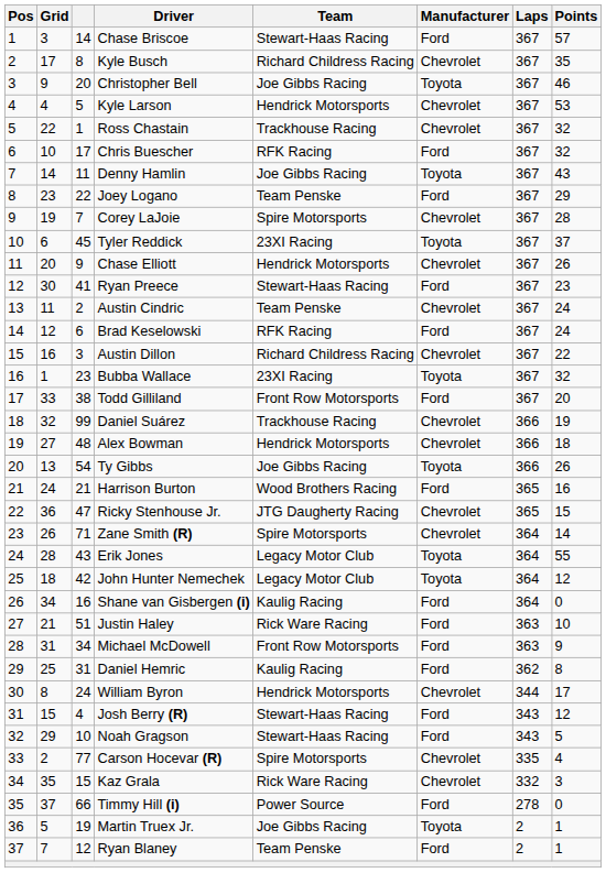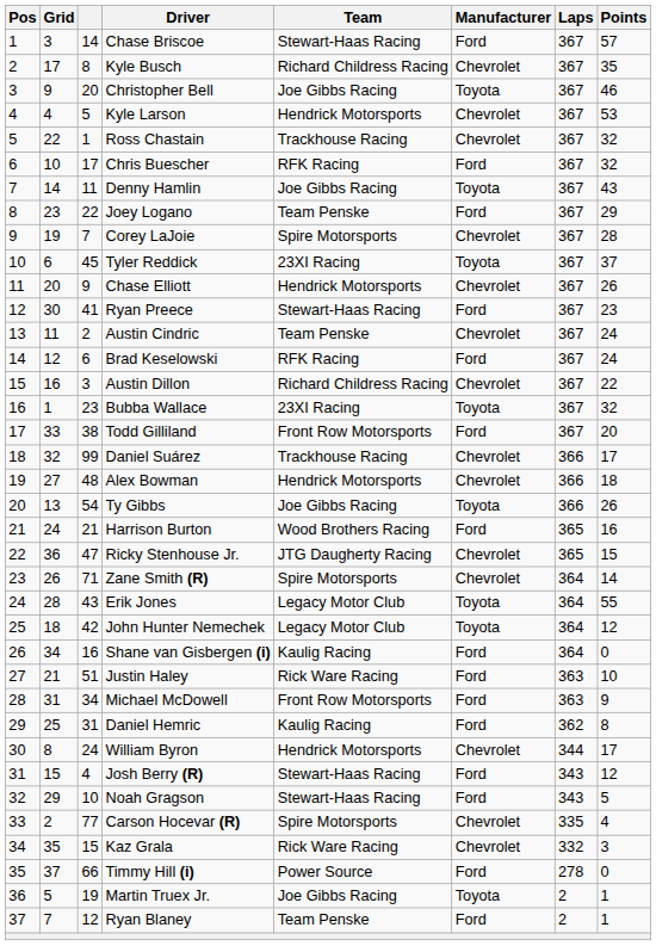 <table class="wikitable" style="font-size:98%">
 <tr>
 <th>Pos</th>
 <th>Grid</th>
 <th></th>
 <th>Driver</th>
 <th>Team</th>
 <th>Manufacturer</th>
 <th>Laps</th>
 <th>Points</th>
 </tr>
 <tr>
 <td>1</td>
 <td>3</td>
 <td>14</td>
 <td>Chase Briscoe</td>
 <td>Stewart-Haas Racing</td>
 <td>Ford</td>
 <td>367</td>
 <td>57</td>
 </tr>
 <tr>
 <td>2</td>
 <td>17</td>
 <td>8</td>
 <td>Kyle Busch</td>
 <td>Richard Childress Racing</td>
 <td>Chevrolet</td>
 <td>367</td>
 <td>35</td>
 </tr>
 <tr>
 <td>3</td>
 <td>9</td>
 <td>20</td>
 <td>Christopher Bell</td>
 <td>Joe Gibbs Racing</td>
 <td>Toyota</td>
 <td>367</td>
 <td>46</td>
 </tr>
 <tr>
 <td>4</td>
 <td>4</td>
 <td>5</td>
 <td>Kyle Larson</td>
 <td>Hendrick Motorsports</td>
 <td>Chevrolet</td>
 <td>367</td>
 <td>53</td>
 </tr>
 <tr>
 <td>5</td>
 <td>22</td>
 <td>1</td>
 <td>Ross Chastain</td>
 <td>Trackhouse Racing</td>
 <td>Chevrolet</td>
 <td>367</td>
 <td>32</td>
 </tr>
 <tr>
 <td>6</td>
 <td>10</td>
 <td>17</td>
 <td>Chris Buescher</td>
 <td>RFK Racing</td>
 <td>Ford</td>
 <td>367</td>
 <td>32</td>
 </tr>
 <tr>
 <td>7</td>
 <td>14</td>
 <td>11</td>
 <td>Denny Hamlin</td>
 <td>Joe Gibbs Racing</td>
 <td>Toyota</td>
 <td>367</td>
 <td>43</td>
 </tr>
 <tr>
 <td>8</td>
 <td>23</td>
 <td>22</td>
 <td>Joey Logano</td>
 <td>Team Penske</td>
 <td>Ford</td>
 <td>367</td>
 <td>29</td>
 </tr>
 <tr>
 <td>9</td>
 <td>19</td>
 <td>7</td>
 <td>Corey LaJoie</td>
 <td>Spire Motorsports</td>
 <td>Chevrolet</td>
 <td>367</td>
 <td>28</td>
 </tr>
 <tr>
 <td>10</td>
 <td>6</td>
 <td>45</td>
 <td>Tyler Reddick</td>
 <td>23XI Racing</td>
 <td>Toyota</td>
 <td>367</td>
 <td>37</td>
 </tr>
 <tr>
 <td>11</td>
 <td>20</td>
 <td>9</td>
 <td>Chase Elliott</td>
 <td>Hendrick Motorsports</td>
 <td>Chevrolet</td>
 <td>367</td>
 <td>26</td>
 </tr>
 <tr>
 <td>12</td>
 <td>30</td>
 <td>41</td>
 <td>Ryan Preece</td>
 <td>Stewart-Haas Racing</td>
 <td>Ford</td>
 <td>367</td>
 <td>23</td>
 </tr>
 <tr>
 <td>13</td>
 <td>11</td>
 <td>2</td>
 <td>Austin Cindric</td>
 <td>Team Penske</td>
 <td>Chevrolet</td>
 <td>367</td>
 <td>24</td>
 </tr>
 <tr>
 <td>14</td>
 <td>12</td>
 <td>6</td>
 <td>Brad Keselowski</td>
 <td>RFK Racing</td>
 <td>Ford</td>
 <td>367</td>
 <td>24</td>
 </tr>
 <tr>
 <td>15</td>
 <td>16</td>
 <td>3</td>
 <td>Austin Dillon</td>
 <td>Richard Childress Racing</td>
 <td>Chevrolet</td>
 <td>367</td>
 <td>22</td>
 </tr>
 <tr>
 <td>16</td>
 <td>1</td>
 <td>23</td>
 <td>Bubba Wallace</td>
 <td>23XI Racing</td>
 <td>Toyota</td>
 <td>367</td>
 <td>32</td>
 </tr>
 <tr>
 <td>17</td>
 <td>33</td>
 <td>38</td>
 <td>Todd Gilliland</td>
 <td>Front Row Motorsports</td>
 <td>Ford</td>
 <td>367</td>
 <td>20</td>
 </tr>
 <tr>
 <td>18</td>
 <td>32</td>
 <td>99</td>
 <td>Daniel Suárez</td>
 <td>Trackhouse Racing</td>
 <td>Chevrolet</td>
 <td>366</td>
-<td>19</td>
+<td>17</td>
 </tr>
 <tr>
 <td>19</td>
 <td>27</td>
 <td>48</td>
 <td>Alex Bowman</td>
 <td>Hendrick Motorsports</td>
 <td>Chevrolet</td>
 <td>366</td>
 <td>18</td>
 </tr>
 <tr>
 <td>20</td>
 <td>13</td>
 <td>54</td>
 <td>Ty Gibbs</td>
 <td>Joe Gibbs Racing</td>
 <td>Toyota</td>
 <td>366</td>
 <td>26</td>
 </tr>
 <tr>
 <td>21</td>
 <td>24</td>
 <td>21</td>
 <td>Harrison Burton</td>
 <td>Wood Brothers Racing</td>
 <td>Ford</td>
 <td>365</td>
 <td>16</td>
 </tr>
 <tr>
 <td>22</td>
 <td>36</td>
 <td>47</td>
 <td>Ricky Stenhouse Jr.</td>
 <td>JTG Daugherty Racing</td>
 <td>Chevrolet</td>
 <td>365</td>
 <td>15</td>
 </tr>
 <tr>
 <td>23</td>
 <td>26</td>
 <td>71</td>
 <td>Zane Smith <strong>(R)</strong></td>
 <td>Spire Motorsports</td>
 <td>Chevrolet</td>
 <td>364</td>
 <td>14</td>
 </tr>
 <tr>
 <td>24</td>
 <td>28</td>
 <td>43</td>
 <td>Erik Jones</td>
 <td>Legacy Motor Club</td>
 <td>Toyota</td>
 <td>364</td>
 <td>55</td>
 </tr>
 <tr>
 <td>25</td>
 <td>18</td>
 <td>42</td>
 <td>John Hunter Nemechek</td>
 <td>Legacy Motor Club</td>
 <td>Toyota</td>
 <td>364</td>
 <td>12</td>
 </tr>
 <tr>
 <td>26</td>
 <td>34</td>
 <td>16</td>
 <td>Shane van Gisbergen <strong>(i)</strong></td>
 <td>Kaulig Racing</td>
 <td>Ford</td>
 <td>364</td>
 <td>0</td>
 </tr>
 <tr>
 <td>27</td>
 <td>21</td>
 <td>51</td>
 <td>Justin Haley</td>
 <td>Rick Ware Racing</td>
 <td>Ford</td>
 <td>363</td>
 <td>10</td>
 </tr>
 <tr>
 <td>28</td>
 <td>31</td>
 <td>34</td>
 <td>Michael McDowell</td>
 <td>Front Row Motorsports</td>
 <td>Ford</td>
 <td>363</td>
 <td>9</td>
 </tr>
 <tr>
 <td>29</td>
 <td>25</td>
 <td>31</td>
 <td>Daniel Hemric</td>
 <td>Kaulig Racing</td>
 <td>Ford</td>
 <td>362</td>
 <td>8</td>
 </tr>
 <tr>
 <td>30</td>
 <td>8</td>
 <td>24</td>
 <td>William Byron</td>
 <td>Hendrick Motorsports</td>
 <td>Chevrolet</td>
 <td>344</td>
 <td>17</td>
 </tr>
 <tr>
 <td>31</td>
 <td>15</td>
 <td>4</td>
 <td>Josh Berry <strong>(R)</strong></td>
 <td>Stewart-Haas Racing</td>
 <td>Ford</td>
 <td>343</td>
 <td>12</td>
 </tr>
 <tr>
 <td>32</td>
 <td>29</td>
 <td>10</td>
 <td>Noah Gragson</td>
 <td>Stewart-Haas Racing</td>
 <td>Ford</td>
 <td>343</td>
 <td>5</td>
 </tr>
 <tr>
 <td>33</td>
 <td>2</td>
 <td>77</td>
 <td>Carson Hocevar <strong>(R)</strong></td>
 <td>Spire Motorsports</td>
 <td>Chevrolet</td>
 <td>335</td>
 <td>4</td>
 </tr>
 <tr>
 <td>34</td>
 <td>35</td>
 <td>15</td>
 <td>Kaz Grala</td>
 <td>Rick Ware Racing</td>
 <td>Chevrolet</td>
 <td>332</td>
 <td>3</td>
 </tr>
 <tr>
 <td>35</td>
 <td>37</td>
 <td>66</td>
 <td>Timmy Hill <strong>(i)</strong></td>
 <td>Power Source</td>
 <td>Ford</td>
 <td>278</td>
 <td>0</td>
 </tr>
 <tr>
 <td>36</td>
 <td>5</td>
 <td>19</td>
 <td>Martin Truex Jr.</td>
 <td>Joe Gibbs Racing</td>
 <td>Toyota</td>
 <td>2</td>
 <td>1</td>
 </tr>
 <tr>
 <td>37</td>
 <td>7</td>
 <td>12</td>
 <td>Ryan Blaney</td>
 <td>Team Penske</td>
 <td>Ford</td>
 <td>2</td>
 <td>1</td>
 </tr>
 <tr>
 <th colspan="8"></th>
 </tr>
 </table>
